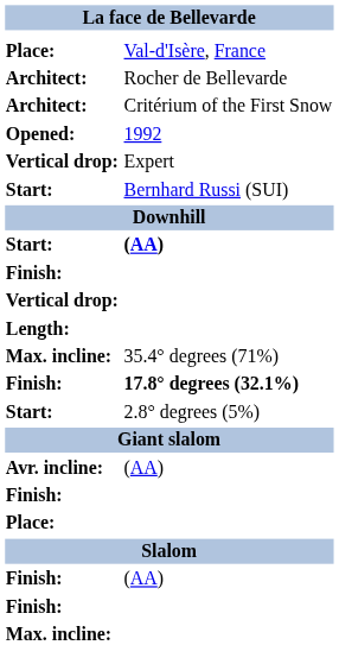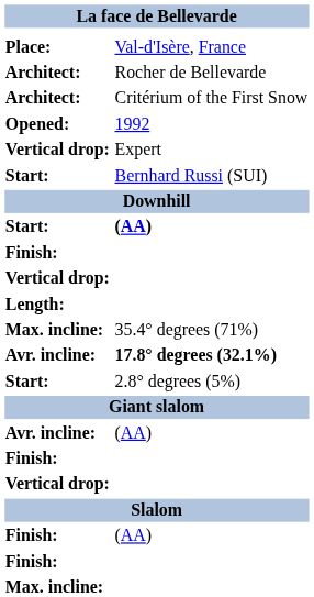 <table border=0 class="toccolours float-right" align="right" style="margin:0 0 0.5em 1em; font-size: 85%;">
 <tr>
 <th bgcolor=#b0c4de colspan=2 align="center">La face de Bellevarde</th>
 </tr>
 <tr>
 <td align="center" colspan=2></td>
 </tr>
 <tr>
 <td><strong>Place:</strong></td>
 <td> <a href='#'>Val-d'Isère</a>, <a href='#'>France</a></td>
 </tr>
 <tr>
 <td><strong>Architect:</strong></td>
 <td>Rocher de Bellevarde</td>
 </tr>
 <tr>
 <td><strong>Architect:</strong></td>
 <td>Critérium of the First Snow</td>
 </tr>
 <tr>
 <td><strong>Opened:</strong></td>
 <td><a href='#'>1992</a></td>
 </tr>
 <tr>
 <td><strong>Vertical drop:</strong></td>
 <td> Expert</td>
 </tr>
 <tr>
 <td><strong>Start:</strong></td>
 <td><a href='#'>Bernhard Russi</a> (SUI)</td>
 </tr>
 <tr>
 <th bgcolor=#b0c4de colspan=2 align="center">Downhill</th>
 </tr>
 <tr>
 <td><strong>Start:</strong></td>
 <td><strong> (<a href='#'>AA</a>)</strong></td>
 </tr>
 <tr>
 <td><strong>Finish:</strong></td>
 <td></td>
 </tr>
 <tr>
 <td><strong>Vertical drop:</strong></td>
 <td></td>
 </tr>
 <tr>
 <td><strong>Length:</strong></td>
 <td></td>
 </tr>
 <tr>
 <td><strong>Max. incline:</strong></td>
 <td>35.4° degrees (71%)</td>
 </tr>
 <tr>
-<td><strong>Finish:</strong></td>
+<td><strong>Avr. incline:</strong></td>
 <td><strong>17.8° degrees (32.1%)</strong></td>
 </tr>
 <tr>
 <td><strong>Start:</strong></td>
 <td>2.8° degrees (5%)</td>
 </tr>
 <tr>
 <th bgcolor=#b0c4de colspan=2 align="center">Giant slalom</th>
 </tr>
 <tr>
 <td><strong>Avr. incline:</strong></td>
 <td> (<a href='#'>AA</a>)</td>
 </tr>
 <tr>
 <td><strong>Finish:</strong></td>
 <td></td>
 </tr>
 <tr>
-<td><strong>Place:</strong></td>
+<td><strong>Vertical drop:</strong></td>
 <td></td>
 </tr>
 <tr>
 <th bgcolor=#b0c4de colspan=2 align="center">Slalom</th>
 </tr>
 <tr>
 <td><strong>Finish:</strong></td>
 <td> (<a href='#'>AA</a>)</td>
 </tr>
 <tr>
 <td><strong>Finish:</strong></td>
 <td></td>
 </tr>
 <tr>
 <td><strong>Max. incline:</strong></td>
 <td></td>
 </tr>
 </table>
